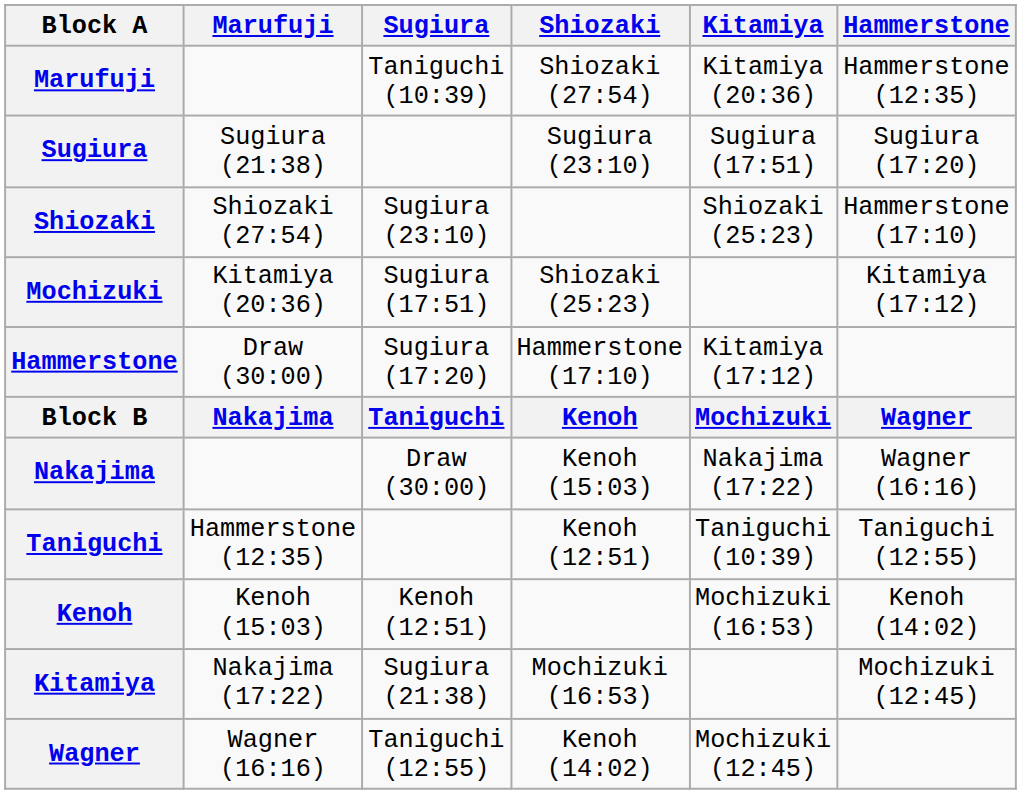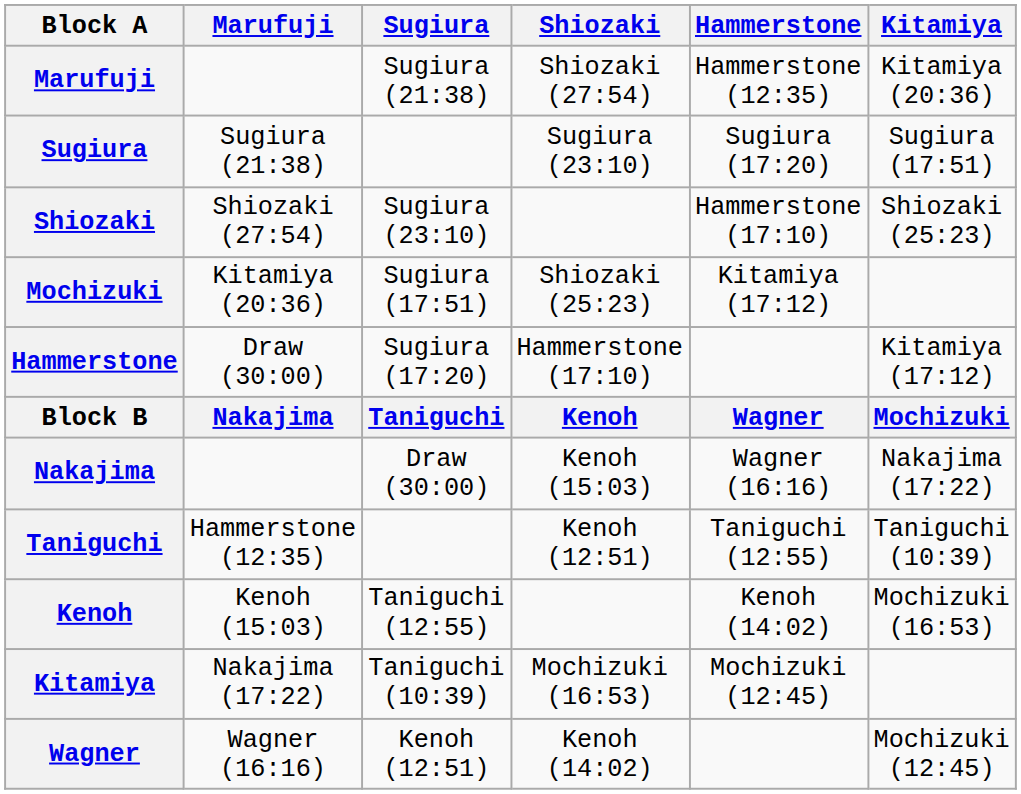 <table class="wikitable" style="text-align:center; margin: 1em auto 1em auto;">
 <tr>
 <th>Block A</th>
 <th><a href='#'>Marufuji</a></th>
 <th><a href='#'>Sugiura</a></th>
 <th><a href='#'>Shiozaki</a></th>
+<th><a href='#'>Hammerstone</a></th>
 <th><a href='#'>Kitamiya</a></th>
-<th><a href='#'>Hammerstone</a></th>
 </tr>
 <tr>
 <th><a href='#'>Marufuji</a></th>
 <td></td>
-<td>Taniguchi<br>(10:39)</td>
+<td>Sugiura<br>(21:38)</td>
 <td>Shiozaki<br>(27:54)</td>
+<td>Hammerstone<br>(12:35)</td>
 <td>Kitamiya<br>(20:36)</td>
-<td>Hammerstone<br>(12:35)</td>
 </tr>
 <tr>
 <th><a href='#'>Sugiura</a></th>
 <td>Sugiura<br>(21:38)</td>
 <td></td>
 <td>Sugiura<br>(23:10)</td>
+<td>Sugiura<br>(17:20)</td>
 <td>Sugiura<br>(17:51)</td>
-<td>Sugiura<br>(17:20)</td>
 </tr>
 <tr>
 <th><a href='#'>Shiozaki</a></th>
 <td>Shiozaki<br>(27:54)</td>
 <td>Sugiura<br>(23:10)</td>
 <td></td>
+<td>Hammerstone<br>(17:10)</td>
 <td>Shiozaki<br>(25:23)</td>
-<td>Hammerstone<br>(17:10)</td>
 </tr>
 <tr>
 <th><a href='#'>Mochizuki</a></th>
 <td>Kitamiya<br>(20:36)</td>
 <td>Sugiura<br>(17:51)</td>
 <td>Shiozaki<br>(25:23)</td>
+<td>Kitamiya<br>(17:12)</td>
 <td></td>
-<td>Kitamiya<br>(17:12)</td>
 </tr>
 <tr>
 <th><a href='#'>Hammerstone</a></th>
 <td>Draw<br>(30:00)</td>
 <td>Sugiura<br>(17:20)</td>
 <td>Hammerstone<br>(17:10)</td>
+<td></td>
 <td>Kitamiya<br>(17:12)</td>
-<td></td>
 </tr>
 <tr>
 <th>Block B</th>
 <th><a href='#'>Nakajima</a></th>
 <th><a href='#'>Taniguchi</a></th>
 <th><a href='#'>Kenoh</a></th>
+<th><a href='#'>Wagner</a></th>
 <th><a href='#'>Mochizuki</a></th>
-<th><a href='#'>Wagner</a></th>
 </tr>
 <tr>
 <th><a href='#'>Nakajima</a></th>
 <td></td>
 <td>Draw<br>(30:00)</td>
 <td>Kenoh<br>(15:03)</td>
+<td>Wagner<br>(16:16)</td>
 <td>Nakajima<br>(17:22)</td>
-<td>Wagner<br>(16:16)</td>
 </tr>
 <tr>
 <th><a href='#'>Taniguchi</a></th>
 <td>Hammerstone<br>(12:35)</td>
 <td></td>
 <td>Kenoh<br>(12:51)</td>
+<td>Taniguchi<br>(12:55)</td>
 <td>Taniguchi<br>(10:39)</td>
-<td>Taniguchi<br>(12:55)</td>
 </tr>
 <tr>
 <th><a href='#'>Kenoh</a></th>
 <td>Kenoh<br>(15:03)</td>
-<td>Kenoh<br>(12:51)</td>
+<td>Taniguchi<br>(12:55)</td>
 <td></td>
+<td>Kenoh<br>(14:02)</td>
 <td>Mochizuki<br>(16:53)</td>
-<td>Kenoh<br>(14:02)</td>
 </tr>
 <tr>
 <th><a href='#'>Kitamiya</a></th>
 <td>Nakajima<br>(17:22)</td>
-<td>Sugiura<br>(21:38)</td>
+<td>Taniguchi<br>(10:39)</td>
 <td>Mochizuki<br>(16:53)</td>
+<td>Mochizuki<br>(12:45)</td>
 <td></td>
-<td>Mochizuki<br>(12:45)</td>
 </tr>
 <tr>
 <th><a href='#'>Wagner</a></th>
 <td>Wagner<br>(16:16)</td>
-<td>Taniguchi<br>(12:55)</td>
+<td>Kenoh<br>(12:51)</td>
 <td>Kenoh<br>(14:02)</td>
+<td></td>
 <td>Mochizuki<br>(12:45)</td>
-<td></td>
 </tr>
 </table>
